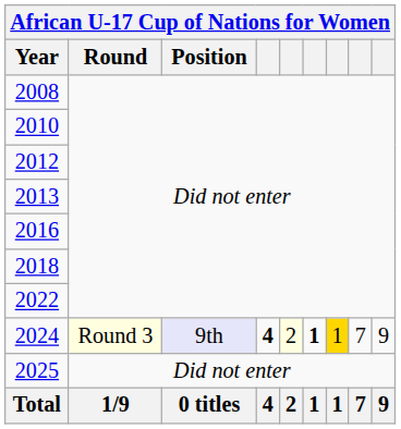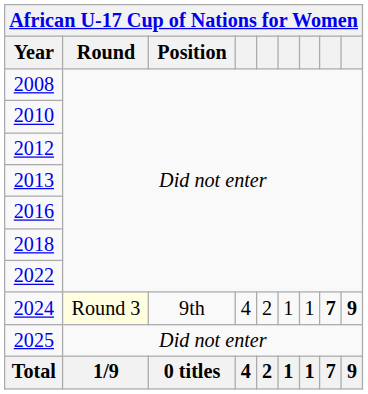 <table class="wikitable" style="text-align: center;">
 <tr>
 <th colspan=9><a href='#'>African U-17 Cup of Nations for Women</a></th>
 </tr>
 <tr>
 <th>Year</th>
 <th>Round</th>
 <th>Position</th>
 <th></th>
 <th></th>
 <th></th>
 <th></th>
 <th></th>
 <th></th>
 </tr>
 <tr>
 <td><a href='#'>2008</a></td>
 <td rowspan=7 colspan=8><em>Did not enter</em></td>
 </tr>
 <tr>
 <td><a href='#'>2010</a></td>
 </tr>
 <tr>
 <td><a href='#'>2012</a></td>
 </tr>
 <tr>
 <td><a href='#'>2013</a></td>
 </tr>
 <tr>
 <td><a href='#'>2016</a></td>
 </tr>
 <tr>
 <td><a href='#'>2018</a></td>
 </tr>
 <tr>
 <td><a href='#'>2022</a></td>
 </tr>
 <tr>
 <td><a href='#'>2024</a></td>
 <td style="background: lightyellow;">Round 3</td>
-<td style="background: lavender;">9th</td>
-<td><strong>4</strong></td>
-<td style="background: lightyellow;">2</td>
-<td><strong>1</strong></td>
-<td style="background: gold;">1</td>
-<td>7</td>
-<td>9</td>
+<td>9th</td>
+<td>4</td>
+<td>2</td>
+<td>1</td>
+<td>1</td>
+<td><strong>7</strong></td>
+<td><strong>9</strong></td>
 </tr>
 <tr>
 <td><a href='#'>2025</a></td>
 <td colspan=8><em>Did not enter</em></td>
 </tr>
 <tr>
 <th>Total</th>
 <th>1/9</th>
 <th>0 titles</th>
 <th>4</th>
 <th>2</th>
 <th>1</th>
 <th>1</th>
 <th>7</th>
 <th>9</th>
 </tr>
 </table>
